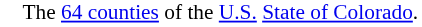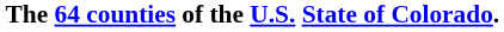 <table style="float:right;border:0;margin:0;padding:0;">
 <tr>
 <td></td>
 </tr>
 <tr style="font-size:9pt;line-height:0.5em;">
-<td align=center>The <a href='#'>64 counties</a> of the <a href='#'>U.S.</a> <a href='#'>State of Colorado</a>.</td>
+<td align=center><strong>The <a href='#'>64 counties</a> of the <a href='#'>U.S.</a> <a href='#'>State of Colorado</a>.</strong></td>
 </tr>
 </table>
